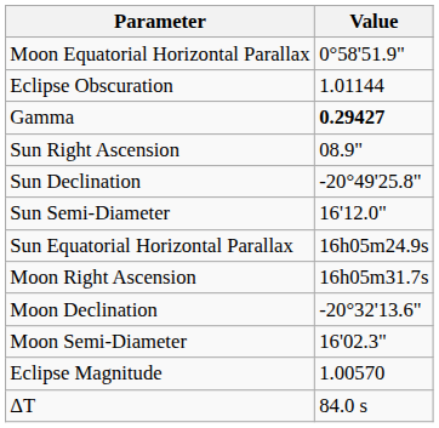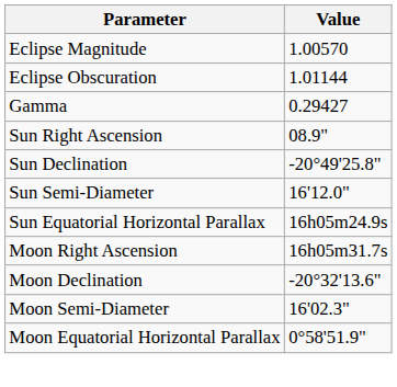 <table class="wikitable">
 <tr>
 <th>Parameter</th>
 <th>Value</th>
 </tr>
 <tr>
-<td>Moon Equatorial Horizontal Parallax</td>
-<td>0°58'51.9"</td>
+<td>Eclipse Magnitude</td>
+<td>1.00570</td>
 </tr>
 <tr>
 <td>Eclipse Obscuration</td>
 <td>1.01144</td>
 </tr>
 <tr>
 <td>Gamma</td>
-<td><strong>0.29427</strong></td>
+<td>0.29427</td>
 </tr>
 <tr>
 <td>Sun Right Ascension</td>
 <td>08.9"</td>
 </tr>
 <tr>
 <td>Sun Declination</td>
 <td>-20°49'25.8"</td>
 </tr>
 <tr>
 <td>Sun Semi-Diameter</td>
 <td>16'12.0"</td>
 </tr>
 <tr>
 <td>Sun Equatorial Horizontal Parallax</td>
 <td>16h05m24.9s</td>
 </tr>
 <tr>
 <td>Moon Right Ascension</td>
 <td>16h05m31.7s</td>
 </tr>
 <tr>
 <td>Moon Declination</td>
 <td>-20°32'13.6"</td>
 </tr>
 <tr>
 <td>Moon Semi-Diameter</td>
 <td>16'02.3"</td>
 </tr>
 <tr>
-<td>Eclipse Magnitude</td>
-<td>1.00570</td>
-</tr>
-<tr>
-<td>ΔT</td>
-<td>84.0 s</td>
+<td>Moon Equatorial Horizontal Parallax</td>
+<td>0°58'51.9"</td>
 </tr>
 </table>
